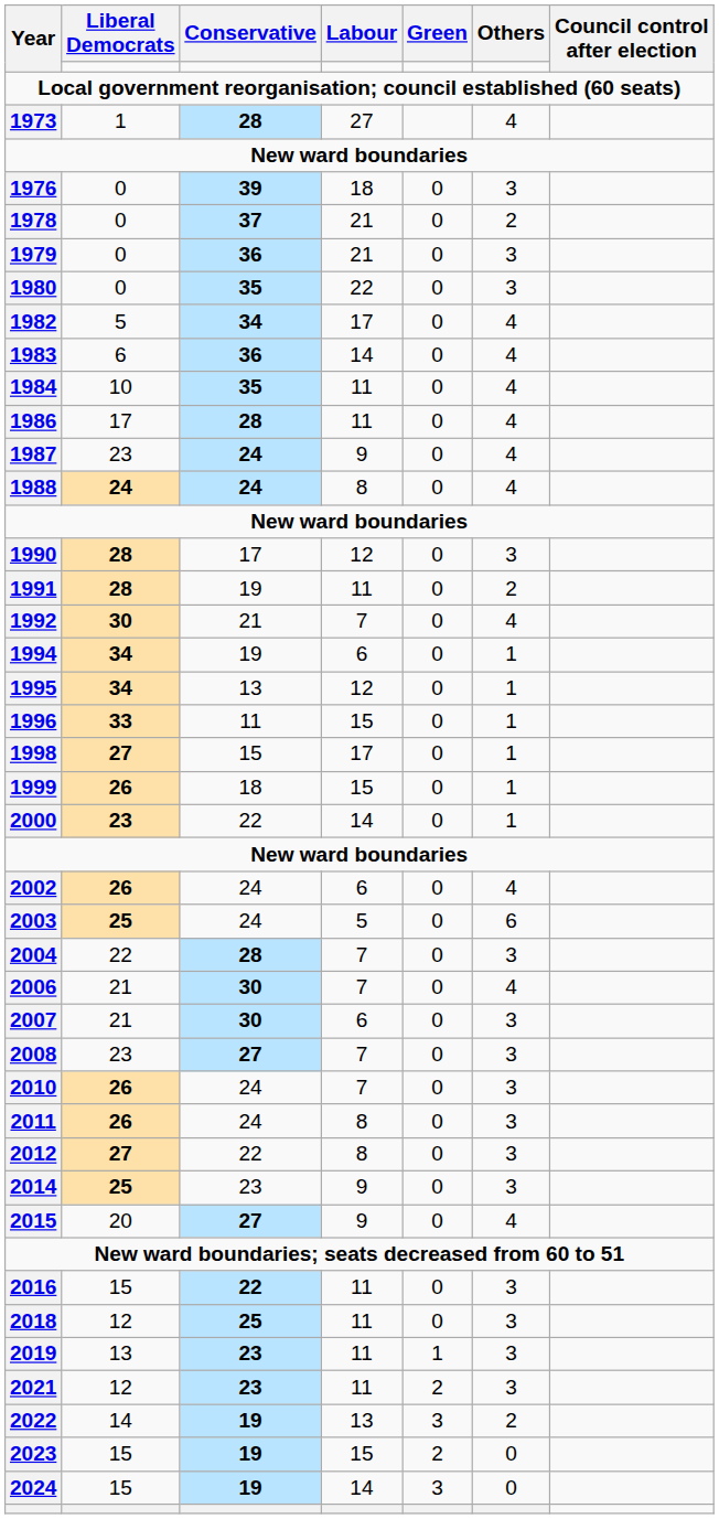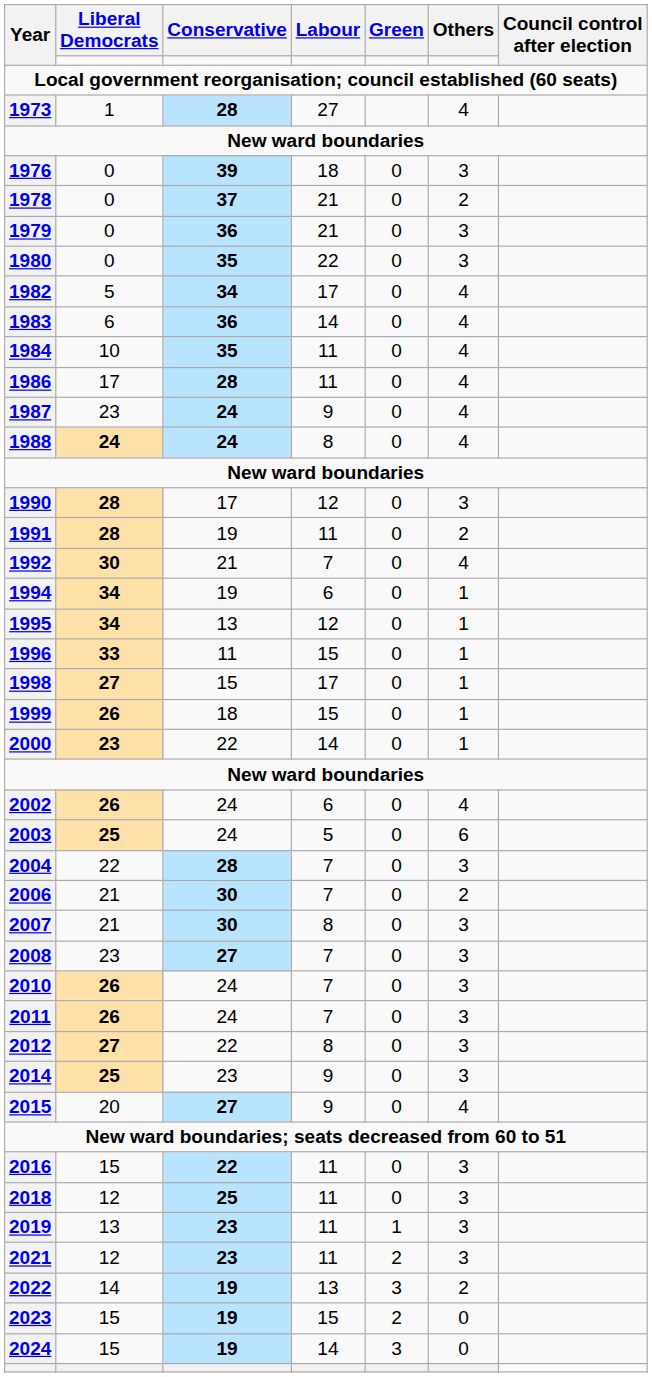 <table class="wikitable plainrowheaders" style="text-align:center">
 <tr>
 <th scope="col" rowspan="2">Year</th>
 <th scope="col" style="width:1px"><a href='#'>Liberal Democrats</a></th>
 <th scope="col"><a href='#'>Conservative</a></th>
 <th scope="col"><a href='#'>Labour</a></th>
 <th scope="col"><a href='#'>Green</a></th>
 <th scope="col">Others</th>
 <th scope="col" rowspan="2" colspan="2">Council control<br>after election</th>
 </tr>
 <tr>
 <td style="background:"></td>
 <td style="background:"></td>
 <td style="background:"></td>
 <td style="background:"></td>
 <td style="background:"></td>
 </tr>
 <tr>
 <td colspan="9"><strong>Local government reorganisation; council established (60 seats)</strong></td>
 </tr>
 <tr>
 <th scope="row"><a href='#'>1973</a></th>
 <td>1</td>
 <td style="background:#B9E4FF;"><strong>28</strong></td>
 <td>27</td>
 <td></td>
 <td>4</td>
 <td></td>
 </tr>
 <tr>
 <td colspan="9"><strong>New ward boundaries</strong></td>
 </tr>
 <tr>
 <th scope="row"><a href='#'>1976</a></th>
 <td>0</td>
 <td style="background:#B9E4FF;"><strong>39</strong></td>
 <td>18</td>
 <td>0</td>
 <td>3</td>
 <td></td>
 </tr>
 <tr>
 <th scope="row"><a href='#'>1978</a></th>
 <td>0</td>
 <td style="background:#B9E4FF;"><strong>37</strong></td>
 <td>21</td>
 <td>0</td>
 <td>2</td>
 <td></td>
 </tr>
 <tr>
 <th scope="row"><a href='#'>1979</a></th>
 <td>0</td>
 <td style="background:#B9E4FF;"><strong>36</strong></td>
 <td>21</td>
 <td>0</td>
 <td>3</td>
 <td></td>
 </tr>
 <tr>
 <th scope="row"><a href='#'>1980</a></th>
 <td>0</td>
 <td style="background:#B9E4FF;"><strong>35</strong></td>
 <td>22</td>
 <td>0</td>
 <td>3</td>
 <td></td>
 </tr>
 <tr>
 <th scope="row"><a href='#'>1982</a></th>
 <td>5</td>
 <td style="background:#B9E4FF;"><strong>34</strong></td>
 <td>17</td>
 <td>0</td>
 <td>4</td>
 <td></td>
 </tr>
 <tr>
 <th scope="row"><a href='#'>1983</a></th>
 <td>6</td>
 <td style="background:#B9E4FF;"><strong>36</strong></td>
 <td>14</td>
 <td>0</td>
 <td>4</td>
 <td></td>
 </tr>
 <tr>
 <th scope="row"><a href='#'>1984</a></th>
 <td>10</td>
 <td style="background:#B9E4FF;"><strong>35</strong></td>
 <td>11</td>
 <td>0</td>
 <td>4</td>
 <td></td>
 </tr>
 <tr>
 <th scope="row"><a href='#'>1986</a></th>
 <td>17</td>
 <td style="background:#B9E4FF;"><strong>28</strong></td>
 <td>11</td>
 <td>0</td>
 <td>4</td>
 <td></td>
 </tr>
 <tr>
 <th scope="row"><a href='#'>1987</a></th>
 <td>23</td>
 <td style="background:#B9E4FF;"><strong>24</strong></td>
 <td>9</td>
 <td>0</td>
 <td>4</td>
 <td></td>
 </tr>
 <tr>
 <th scope="row"><a href='#'>1988</a></th>
 <td style="background:#FEE1A8"><strong>24</strong></td>
 <td style="background:#B9E4FF;"><strong>24</strong></td>
 <td>8</td>
 <td>0</td>
 <td>4</td>
 <td></td>
 </tr>
 <tr>
 <td colspan="9"><strong>New ward boundaries</strong></td>
 </tr>
 <tr>
 <th scope="row"><a href='#'>1990</a></th>
 <td style="background:#FEE1A8"><strong>28</strong></td>
 <td>17</td>
 <td>12</td>
 <td>0</td>
 <td>3</td>
 <td></td>
 </tr>
 <tr>
 <th scope="row"><a href='#'>1991</a></th>
 <td style="background:#FEE1A8"><strong>28</strong></td>
 <td>19</td>
 <td>11</td>
 <td>0</td>
 <td>2</td>
 <td></td>
 </tr>
 <tr>
 <th scope="row"><a href='#'>1992</a></th>
 <td style="background:#FEE1A8"><strong>30</strong></td>
 <td>21</td>
 <td>7</td>
 <td>0</td>
 <td>4</td>
 <td></td>
 </tr>
 <tr>
 <th scope="row"><a href='#'>1994</a></th>
 <td style="background:#FEE1A8"><strong>34</strong></td>
 <td>19</td>
 <td>6</td>
 <td>0</td>
 <td>1</td>
 <td></td>
 </tr>
 <tr>
 <th scope="row"><a href='#'>1995</a></th>
 <td style="background:#FEE1A8"><strong>34</strong></td>
 <td>13</td>
 <td>12</td>
 <td>0</td>
 <td>1</td>
 <td></td>
 </tr>
 <tr>
 <th scope="row"><a href='#'>1996</a></th>
 <td style="background:#FEE1A8"><strong>33</strong></td>
 <td>11</td>
 <td>15</td>
 <td>0</td>
 <td>1</td>
 <td></td>
 </tr>
 <tr>
 <th scope="row"><a href='#'>1998</a></th>
 <td style="background:#FEE1A8"><strong>27</strong></td>
 <td>15</td>
 <td>17</td>
 <td>0</td>
 <td>1</td>
 <td></td>
 </tr>
 <tr>
 <th scope="row"><a href='#'>1999</a></th>
 <td style="background:#FEE1A8"><strong>26</strong></td>
 <td>18</td>
 <td>15</td>
 <td>0</td>
 <td>1</td>
 <td></td>
 </tr>
 <tr>
 <th scope="row"><a href='#'>2000</a></th>
 <td style="background:#FEE1A8"><strong>23</strong></td>
 <td>22</td>
 <td>14</td>
 <td>0</td>
 <td>1</td>
 <td></td>
 </tr>
 <tr>
 <td colspan="9"><strong>New ward boundaries</strong></td>
 </tr>
 <tr>
 <th scope="row"><a href='#'>2002</a></th>
 <td style="background:#FEE1A8"><strong>26</strong></td>
 <td>24</td>
 <td>6</td>
 <td>0</td>
 <td>4</td>
 <td></td>
 </tr>
 <tr>
 <th scope="row"><a href='#'>2003</a></th>
 <td style="background:#FEE1A8"><strong>25</strong></td>
 <td>24</td>
 <td>5</td>
 <td>0</td>
 <td>6</td>
 <td></td>
 </tr>
 <tr>
 <th scope="row"><a href='#'>2004</a></th>
 <td>22</td>
 <td style="background:#B9E4FF;"><strong>28</strong></td>
 <td>7</td>
 <td>0</td>
 <td>3</td>
 <td></td>
 </tr>
 <tr>
 <th scope="row"><a href='#'>2006</a></th>
 <td>21</td>
 <td style="background:#B9E4FF;"><strong>30</strong></td>
 <td>7</td>
 <td>0</td>
-<td>4</td>
+<td>2</td>
 <td></td>
 </tr>
 <tr>
 <th scope="row"><a href='#'>2007</a></th>
 <td>21</td>
 <td style="background:#B9E4FF;"><strong>30</strong></td>
-<td>6</td>
+<td>8</td>
 <td>0</td>
 <td>3</td>
 <td></td>
 </tr>
 <tr>
 <th scope="row"><a href='#'>2008</a></th>
 <td>23</td>
 <td style="background:#B9E4FF;"><strong>27</strong></td>
 <td>7</td>
 <td>0</td>
 <td>3</td>
 <td></td>
 </tr>
 <tr>
 <th scope="row"><a href='#'>2010</a></th>
 <td style="background:#FEE1A8"><strong>26</strong></td>
 <td>24</td>
 <td>7</td>
 <td>0</td>
 <td>3</td>
 <td></td>
 </tr>
 <tr>
 <th scope="row"><a href='#'>2011</a></th>
 <td style="background:#FEE1A8"><strong>26</strong></td>
 <td>24</td>
-<td>8</td>
+<td>7</td>
 <td>0</td>
 <td>3</td>
 <td></td>
 </tr>
 <tr>
 <th scope="row"><a href='#'>2012</a></th>
 <td style="background:#FEE1A8"><strong>27</strong></td>
 <td>22</td>
 <td>8</td>
 <td>0</td>
 <td>3</td>
 <td></td>
 </tr>
 <tr>
 <th scope="row"><a href='#'>2014</a></th>
 <td style="background:#FEE1A8"><strong>25</strong></td>
 <td>23</td>
 <td>9</td>
 <td>0</td>
 <td>3</td>
 <td></td>
 </tr>
 <tr>
 <th scope="row"><a href='#'>2015</a></th>
 <td>20</td>
 <td style="background:#B9E4FF;"><strong>27</strong></td>
 <td>9</td>
 <td>0</td>
 <td>4</td>
 <td></td>
 </tr>
 <tr>
 <td colspan="9"><strong>New ward boundaries; seats decreased from 60 to 51</strong></td>
 </tr>
 <tr>
 <th scope="row"><a href='#'>2016</a></th>
 <td>15</td>
 <td style="background:#B9E4FF;"><strong>22</strong></td>
 <td>11</td>
 <td>0</td>
 <td>3</td>
 <td></td>
 </tr>
 <tr>
 <th scope="row"><a href='#'>2018</a></th>
 <td>12</td>
 <td style="background:#B9E4FF;"><strong>25</strong></td>
 <td>11</td>
 <td>0</td>
 <td>3</td>
 <td></td>
 </tr>
 <tr>
 <th scope="row"><a href='#'>2019</a></th>
 <td>13</td>
 <td style="background:#B9E4FF;"><strong>23</strong></td>
 <td>11</td>
 <td>1</td>
 <td>3</td>
 <td></td>
 </tr>
 <tr>
 <th scope="row"><a href='#'>2021</a></th>
 <td>12</td>
 <td style="background:#B9E4FF;"><strong>23</strong></td>
 <td>11</td>
 <td>2</td>
 <td>3</td>
 <td></td>
 </tr>
 <tr>
 <th scope="row"><a href='#'>2022</a></th>
 <td>14</td>
 <td style="background:#B9E4FF;"><strong>19</strong></td>
 <td>13</td>
 <td>3</td>
 <td>2</td>
 <td></td>
 </tr>
 <tr>
 <th scope="row"><a href='#'>2023</a></th>
 <td>15</td>
 <td style="background:#B9E4FF;"><strong>19</strong></td>
 <td>15</td>
 <td>2</td>
 <td>0</td>
 <td></td>
 </tr>
 <tr>
 <th scope="row"><a href='#'>2024</a></th>
 <td>15</td>
 <td style="background:#B9E4FF;"><strong>19</strong></td>
 <td>14</td>
 <td>3</td>
 <td>0</td>
 <td></td>
 </tr>
 <tr>
 <th></th>
 <th style="background-color: "></th>
 <th style="background-color: "></th>
 <th style="background-color: "></th>
 <th style="background-color: "></th>
 <th style="background-color: "></th>
 </tr>
 </table>
